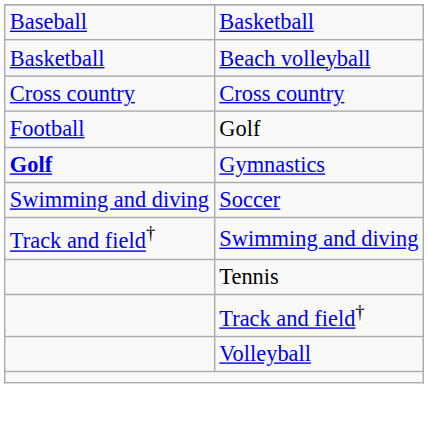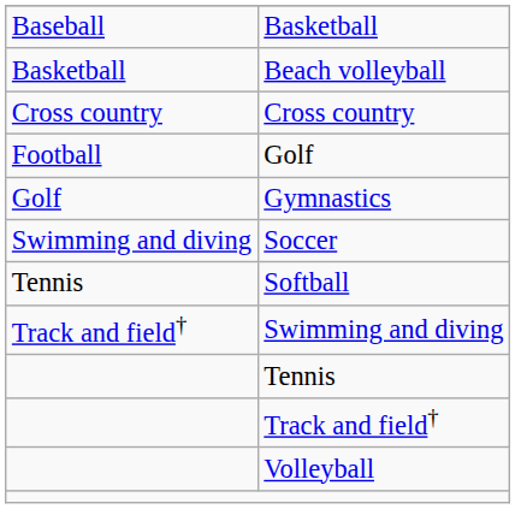 <table class="wikitable" style=" ">
 <tr>
 </tr>
 <tr>
 <td><a href='#'>Baseball</a></td>
 <td><a href='#'>Basketball</a></td>
 </tr>
 <tr>
 <td><a href='#'>Basketball</a></td>
 <td><a href='#'>Beach volleyball</a></td>
 </tr>
 <tr>
 <td><a href='#'>Cross country</a></td>
 <td><a href='#'>Cross country</a></td>
 </tr>
 <tr>
 <td><a href='#'>Football</a></td>
 <td>Golf</td>
 </tr>
 <tr>
-<td><strong><a href='#'>Golf</a></strong></td>
+<td><a href='#'>Golf</a></td>
 <td><a href='#'>Gymnastics</a></td>
 </tr>
 <tr>
 <td><a href='#'>Swimming and diving</a></td>
 <td><a href='#'>Soccer</a></td>
+</tr>
+<tr>
+<td>Tennis</td>
+<td><a href='#'>Softball</a></td>
 </tr>
 <tr>
 <td><a href='#'>Track and field</a><sup>†</sup></td>
 <td><a href='#'>Swimming and diving</a></td>
 </tr>
 <tr>
 <td></td>
 <td>Tennis</td>
 </tr>
 <tr>
 <td></td>
 <td><a href='#'>Track and field</a><sup>†</sup></td>
 </tr>
 <tr>
 <td></td>
 <td><a href='#'>Volleyball</a></td>
 </tr>
 <tr>
 <td colspan="2"></td>
 </tr>
 </table>
